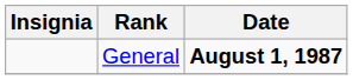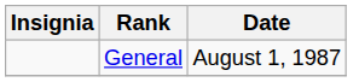 <table class="wikitable">
 <tr>
 <th>Insignia</th>
 <th>Rank</th>
 <th>Date</th>
 </tr>
 <tr style="text-align:center;">
 <td></td>
 <td><a href='#'>General</a></td>
-<td><strong>August 1, 1987</strong></td>
+<td>August 1, 1987</td>
 </tr>
 <tr>
 </tr>
 </table>
